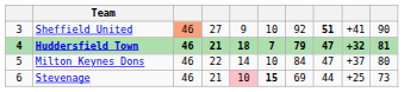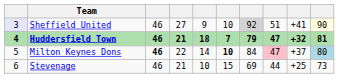 <table class="wikitable" style="text-align:center">
 <tr>
 <th width="30"></th>
 <th width="175">Team</th>
 <th width="30"></th>
 <th width="30"></th>
 <th width="30"></th>
 <th width="30"></th>
 <th width="30"></th>
 <th width="30"></th>
 <th width="30"></th>
 <th width="30"></th>
 </tr>
 <tr>
-<td>3</td>
+<td style="background: lavender;">3</td>
 <td align=left><a href='#'>Sheffield United</a></td>
-<td style="background: lightsalmon;">46</td>
+<td>46</td>
 <td>27</td>
 <td>9</td>
 <td>10</td>
-<td>92</td>
-<td><strong>51</strong></td>
+<td style="background: lightgrey;">92</td>
+<td>51</td>
 <td>+41</td>
-<td>90</td>
+<td style="background: lightyellow;">90</td>
 </tr>
 <tr style="background:#addfad;">
 <td><strong>4</strong></td>
 <td align=left><strong><a href='#'>Huddersfield Town</a></strong></td>
 <td><strong>46</strong></td>
 <td><strong>21</strong></td>
 <td><strong>18</strong></td>
 <td><strong>7</strong></td>
 <td><strong>79</strong></td>
 <td><strong>47</strong></td>
 <td><strong>+32</strong></td>
 <td><strong>81</strong></td>
 </tr>
 <tr>
 <td>5</td>
 <td align=left><a href='#'>Milton Keynes Dons</a></td>
-<td>46</td>
+<td><strong>46</strong></td>
 <td>22</td>
 <td>14</td>
-<td>10</td>
+<td><strong>10</strong></td>
 <td>84</td>
-<td>47</td>
+<td style="background: pink;">47</td>
 <td>+37</td>
-<td>80</td>
+<td style="background: lightblue;">80</td>
 </tr>
 <tr>
 <td>6</td>
 <td align=left><a href='#'>Stevenage</a></td>
 <td>46</td>
 <td>21</td>
-<td style="background: pink;">10</td>
-<td><strong>15</strong></td>
+<td>10</td>
+<td>15</td>
 <td>69</td>
 <td>44</td>
 <td>+25</td>
 <td>73</td>
 </tr>
 </table>
